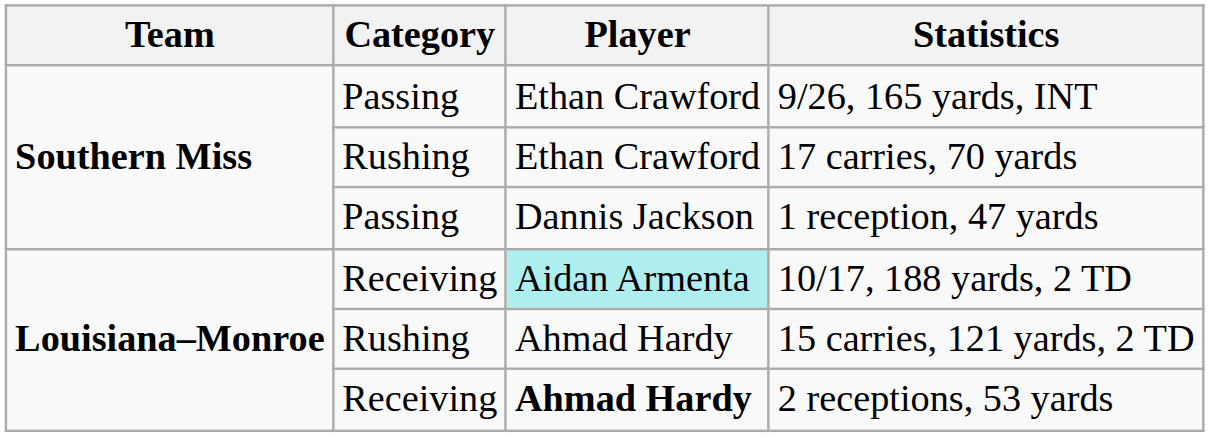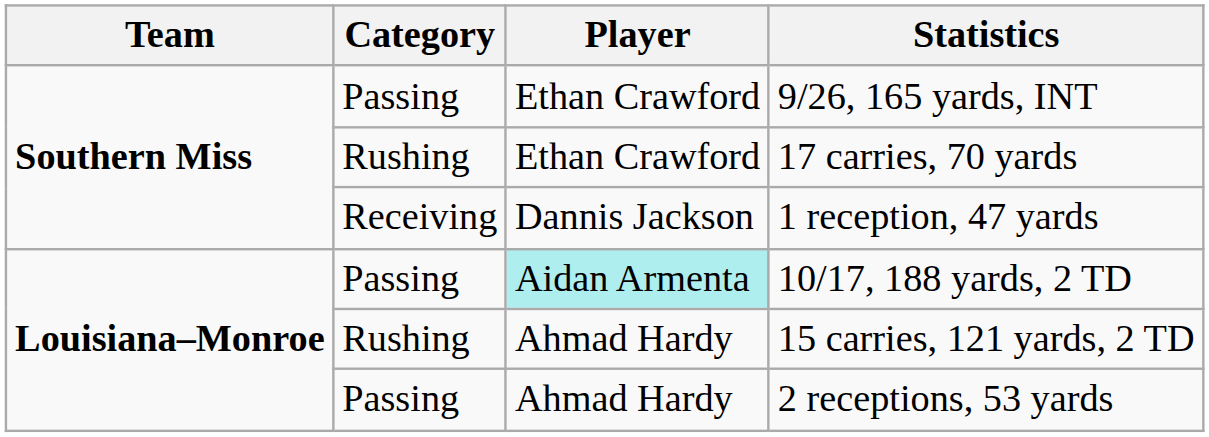 <table class="wikitable" style="float: right;">
 <tr>
 <th>Team</th>
 <th>Category</th>
 <th>Player</th>
 <th>Statistics</th>
 </tr>
 <tr>
 <td rowspan=3><strong>Southern Miss</strong></td>
 <td>Passing</td>
 <td>Ethan Crawford</td>
 <td>9/26, 165 yards, INT</td>
 </tr>
 <tr>
 <td>Rushing</td>
 <td>Ethan Crawford</td>
 <td>17 carries, 70 yards</td>
 </tr>
 <tr>
-<td>Passing</td>
+<td>Receiving</td>
 <td>Dannis Jackson</td>
 <td>1 reception, 47 yards</td>
 </tr>
 <tr>
 <td rowspan=3><strong>Louisiana–Monroe</strong></td>
-<td>Receiving</td>
+<td>Passing</td>
 <td style="background: paleturquoise;">Aidan Armenta</td>
 <td>10/17, 188 yards, 2 TD</td>
 </tr>
 <tr>
 <td>Rushing</td>
 <td>Ahmad Hardy</td>
 <td>15 carries, 121 yards, 2 TD</td>
 </tr>
 <tr>
-<td>Receiving</td>
-<td><strong>Ahmad Hardy</strong></td>
+<td>Passing</td>
+<td>Ahmad Hardy</td>
 <td>2 receptions, 53 yards</td>
 </tr>
 </table>
